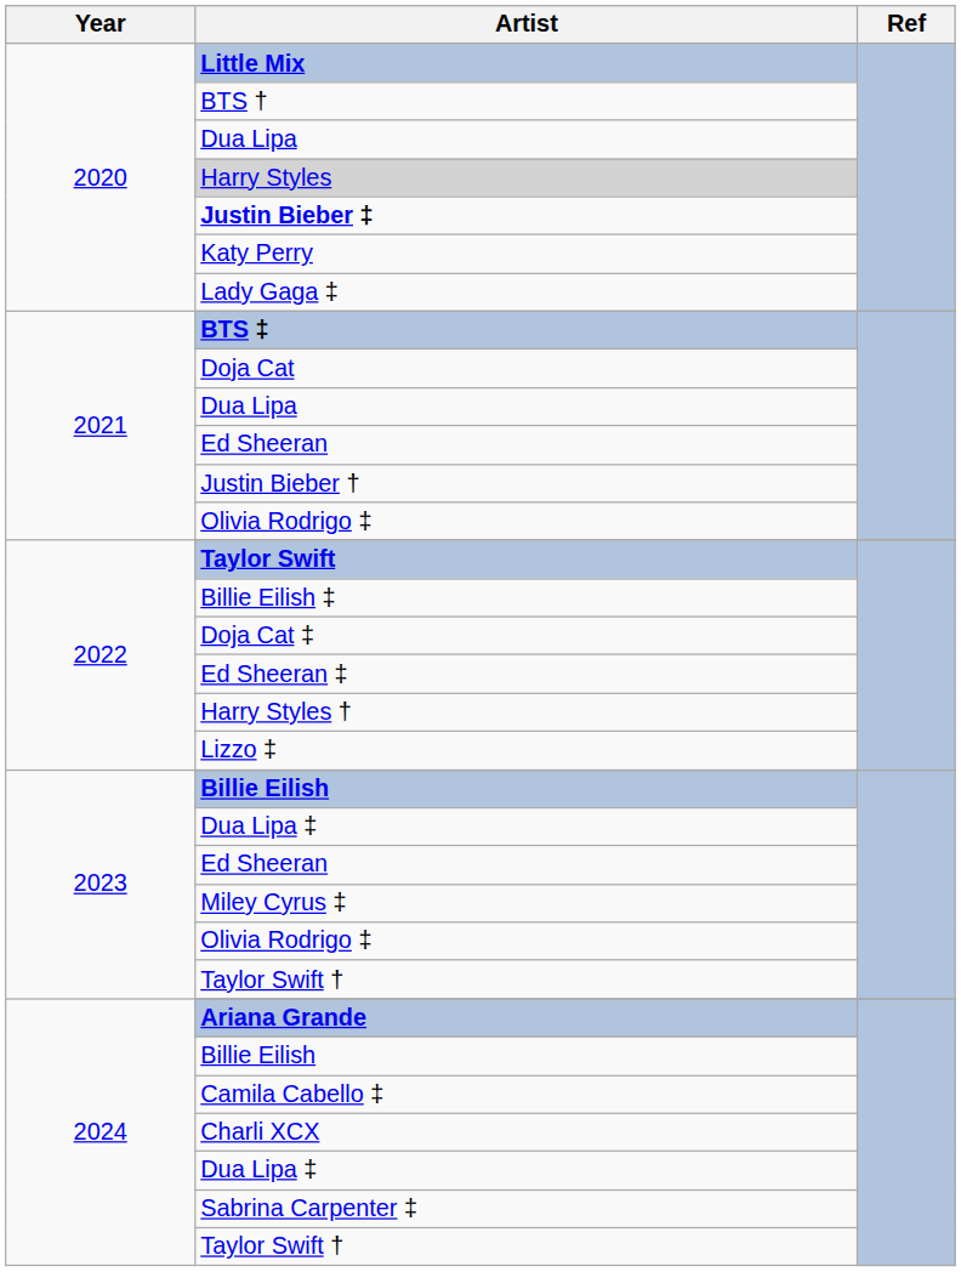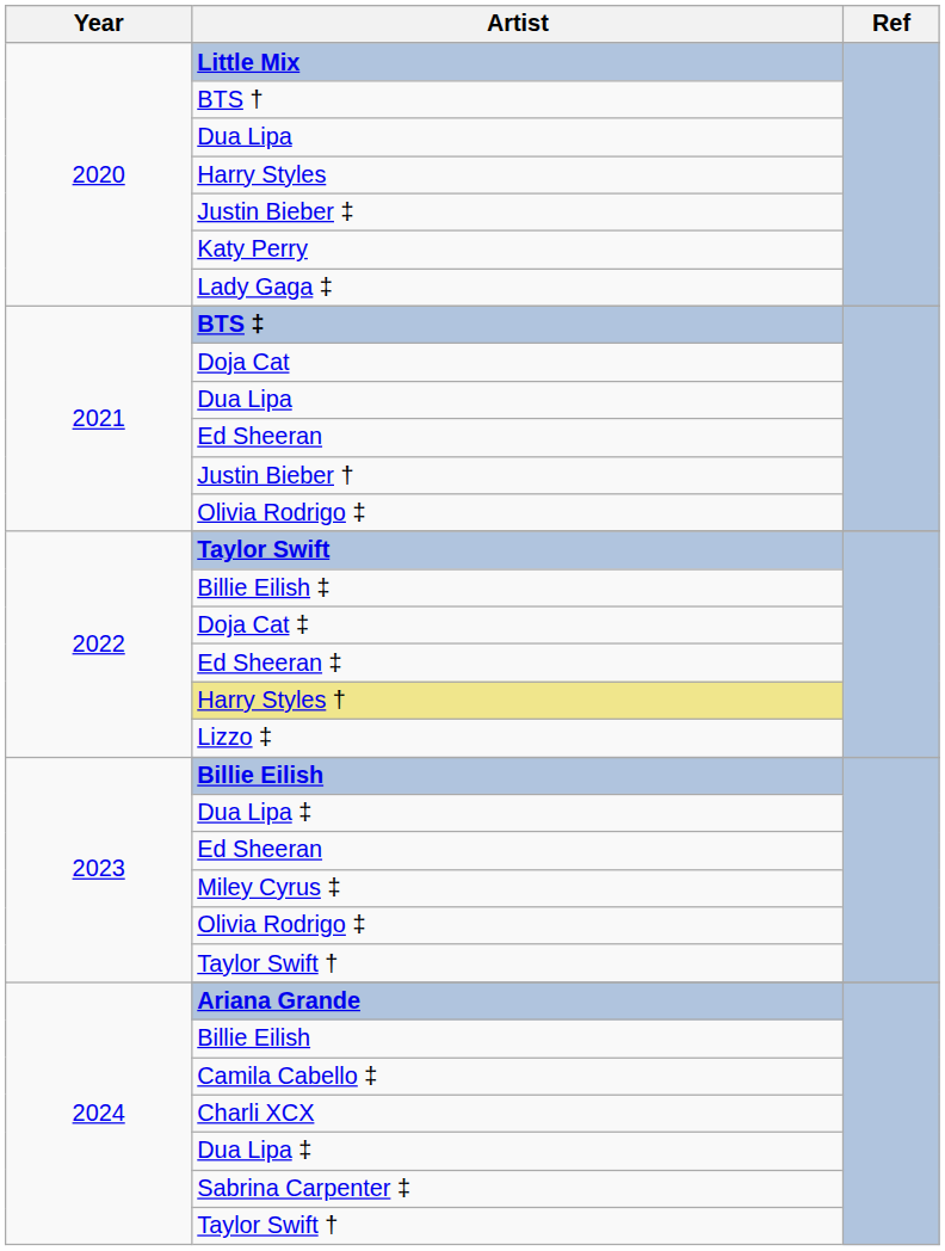 <table class="wikitable" style="width:50%;">
 <tr style="background:#bebebe;">
 <th style="width:10%;">Year</th>
 <th style="width:35%;">Artist</th>
 <th style="width:5%;">Ref</th>
 </tr>
 <tr>
 <td rowspan="8" align="center"><a href='#'>2020</a></td>
 </tr>
 <tr style="background:#B0C4DE">
 <td><strong><a href='#'>Little Mix</a></strong></td>
 <td rowspan="7" align="center"></td>
 </tr>
 <tr>
 <td><a href='#'>BTS</a> †</td>
 </tr>
 <tr>
 <td><a href='#'>Dua Lipa</a></td>
 </tr>
 <tr>
-<td style="background: lightgrey;"><a href='#'>Harry Styles</a></td>
+<td><a href='#'>Harry Styles</a></td>
 </tr>
 <tr>
-<td><strong><a href='#'>Justin Bieber</a> ‡</strong></td>
+<td><a href='#'>Justin Bieber</a> ‡</td>
 </tr>
 <tr>
 <td><a href='#'>Katy Perry</a></td>
 </tr>
 <tr>
 <td><a href='#'>Lady Gaga</a> ‡</td>
 </tr>
 <tr>
 <td rowspan="7" align="center"><a href='#'>2021</a></td>
 </tr>
 <tr style="background:#B0C4DE">
 <td><strong><a href='#'>BTS</a> ‡</strong></td>
 <td rowspan="6" align="center"></td>
 </tr>
 <tr>
 <td><a href='#'>Doja Cat</a></td>
 </tr>
 <tr>
 <td><a href='#'>Dua Lipa</a></td>
 </tr>
 <tr>
 <td><a href='#'>Ed Sheeran</a></td>
 </tr>
 <tr>
 <td><a href='#'>Justin Bieber</a> †</td>
 </tr>
 <tr>
 <td><a href='#'>Olivia Rodrigo</a> ‡</td>
 </tr>
 <tr>
 <td rowspan="7" align="center"><a href='#'>2022</a></td>
 </tr>
 <tr style="background:#B0C4DE">
 <td><strong><a href='#'>Taylor Swift</a></strong></td>
 <td rowspan="6" align="center"></td>
 </tr>
 <tr>
 <td><a href='#'>Billie Eilish</a> ‡</td>
 </tr>
 <tr>
 <td><a href='#'>Doja Cat</a> ‡</td>
 </tr>
 <tr>
 <td><a href='#'>Ed Sheeran</a> ‡</td>
 </tr>
 <tr>
-<td><a href='#'>Harry Styles</a> †</td>
+<td style="background: khaki;"><a href='#'>Harry Styles</a> †</td>
 </tr>
 <tr>
 <td><a href='#'>Lizzo</a> ‡</td>
 </tr>
 <tr>
 <td rowspan="7" align="center"><a href='#'>2023</a></td>
 </tr>
 <tr style="background:#B0C4DE">
 <td><strong><a href='#'>Billie Eilish</a></strong></td>
 <td rowspan="6" align="center"></td>
 </tr>
 <tr>
 <td><a href='#'>Dua Lipa</a> ‡</td>
 </tr>
 <tr>
 <td><a href='#'>Ed Sheeran</a></td>
 </tr>
 <tr>
 <td><a href='#'>Miley Cyrus</a> ‡</td>
 </tr>
 <tr>
 <td><a href='#'>Olivia Rodrigo</a> ‡</td>
 </tr>
 <tr>
 <td><a href='#'>Taylor Swift</a> †</td>
 </tr>
 <tr>
 <td rowspan="8" align="center"><a href='#'>2024</a></td>
 </tr>
 <tr style="background:#B0C4DE">
 <td><strong><a href='#'>Ariana Grande</a></strong></td>
 <td rowspan="8" align="center" style="background:#B0C4DE"></td>
 </tr>
 <tr>
 <td><a href='#'>Billie Eilish</a></td>
 </tr>
 <tr>
 <td><a href='#'>Camila Cabello</a> ‡</td>
 </tr>
 <tr>
 <td><a href='#'>Charli XCX</a></td>
 </tr>
 <tr>
 <td><a href='#'>Dua Lipa</a> ‡</td>
 </tr>
 <tr>
 <td><a href='#'>Sabrina Carpenter</a> ‡</td>
 </tr>
 <tr>
 <td><a href='#'>Taylor Swift</a> †</td>
 </tr>
 </table>
